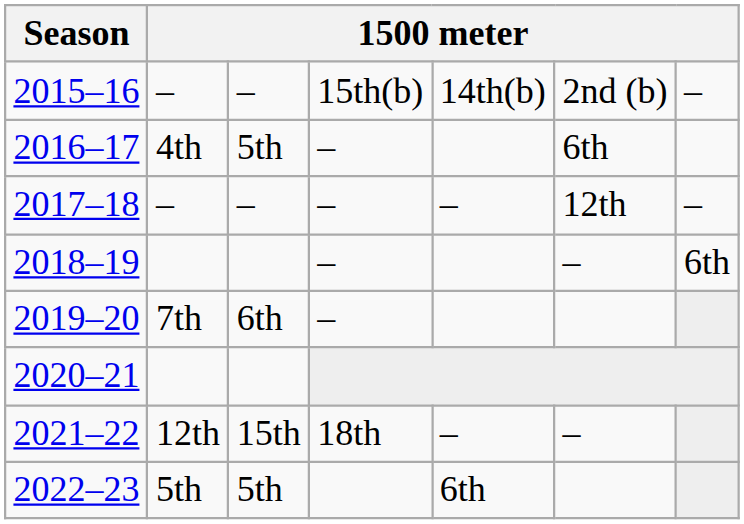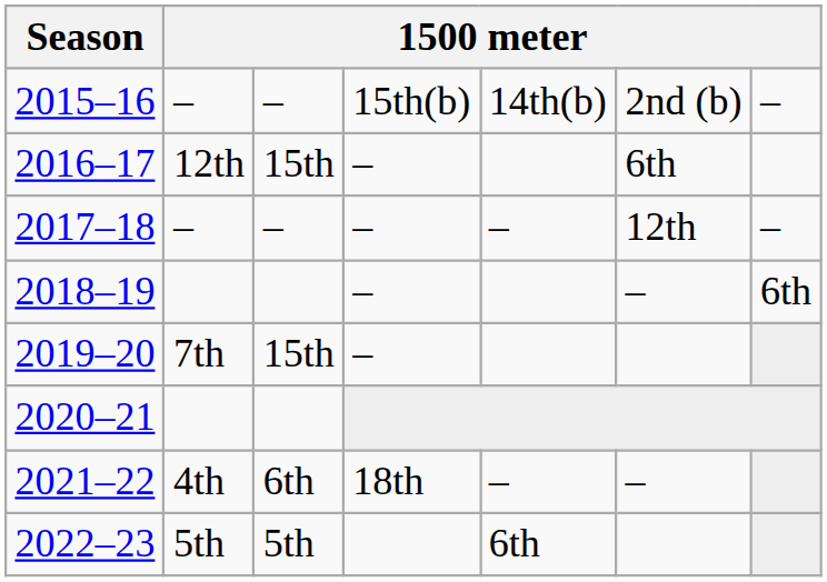 <table class="wikitable" style="display: inline-table;">
 <tr>
 <th>Season</th>
 <th colspan="6">1500 meter</th>
 </tr>
 <tr>
 <td><a href='#'>2015–16</a></td>
 <td>–</td>
 <td>–</td>
 <td>15th(b)</td>
 <td>14th(b)</td>
 <td>2nd (b)</td>
 <td>–</td>
 </tr>
 <tr>
 <td><a href='#'>2016–17</a></td>
-<td>4th</td>
-<td>5th</td>
+<td>12th</td>
+<td>15th</td>
 <td>–</td>
 <td></td>
 <td>6th</td>
 <td></td>
 </tr>
 <tr>
 <td><a href='#'>2017–18</a></td>
 <td>–</td>
 <td>–</td>
 <td>–</td>
 <td>–</td>
 <td>12th</td>
 <td>–</td>
 </tr>
 <tr>
 <td><a href='#'>2018–19</a></td>
 <td></td>
 <td></td>
 <td>–</td>
 <td></td>
 <td>–</td>
 <td>6th</td>
 </tr>
 <tr>
 <td><a href='#'>2019–20</a></td>
 <td>7th</td>
-<td>6th</td>
+<td>15th</td>
 <td>–</td>
 <td></td>
 <td></td>
 <td colspan="1" bgcolor=#EEEEEE></td>
 </tr>
 <tr>
 <td><a href='#'>2020–21</a></td>
 <td></td>
 <td></td>
 <td colspan="4" bgcolor=#EEEEEE></td>
 </tr>
 <tr>
 <td><a href='#'>2021–22</a></td>
-<td>12th</td>
-<td>15th</td>
+<td>4th</td>
+<td>6th</td>
 <td>18th</td>
 <td>–</td>
 <td>–</td>
 <td colspan="1" bgcolor=#EEEEEE></td>
 </tr>
 <tr>
 <td><a href='#'>2022–23</a></td>
 <td>5th</td>
 <td>5th</td>
 <td></td>
 <td>6th</td>
 <td></td>
 <td –  bgcolor=#EEEEEE></td>
 </tr>
 </table>
